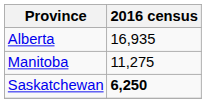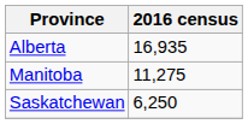 <table class="wikitable sortable floatright">
 <tr>
 <th data-sort-type="text">Province</th>
 <th data-sort-type="number">2016 census</th>
 </tr>
 <tr>
 <td style="text-align: left;"><a href='#'>Alberta</a></td>
 <td>16,935</td>
 </tr>
 <tr>
 <td style="text-align: left;"><a href='#'>Manitoba</a></td>
 <td>11,275</td>
 </tr>
 <tr>
 <td style="text-align: left;"><a href='#'>Saskatchewan</a></td>
-<td><strong>6,250</strong></td>
+<td>6,250</td>
 </tr>
 <tr>
 </tr>
 </table>
